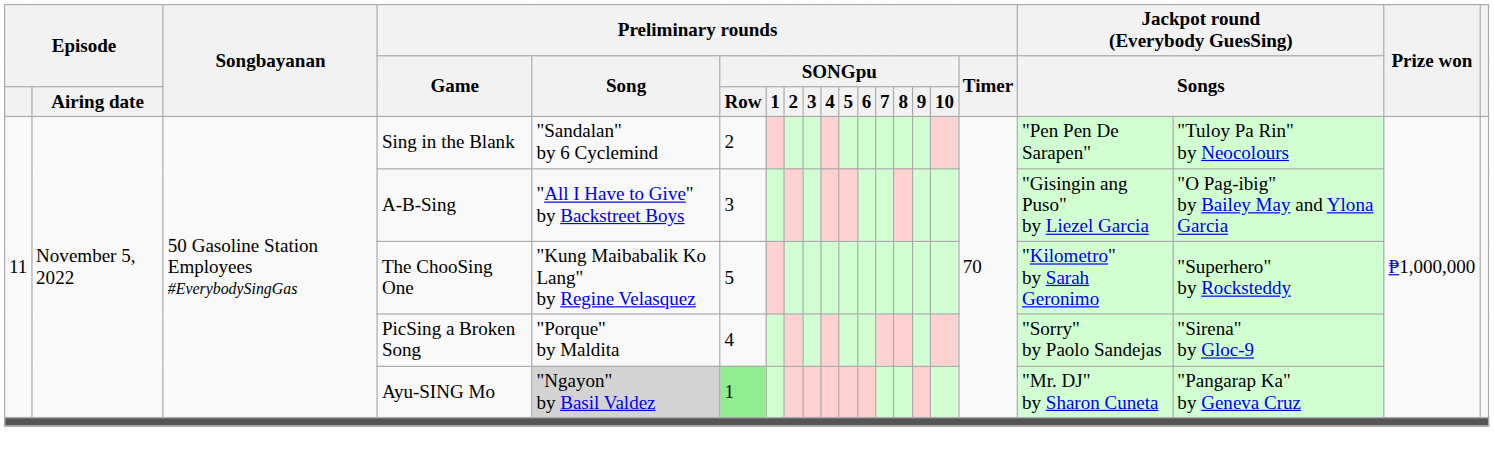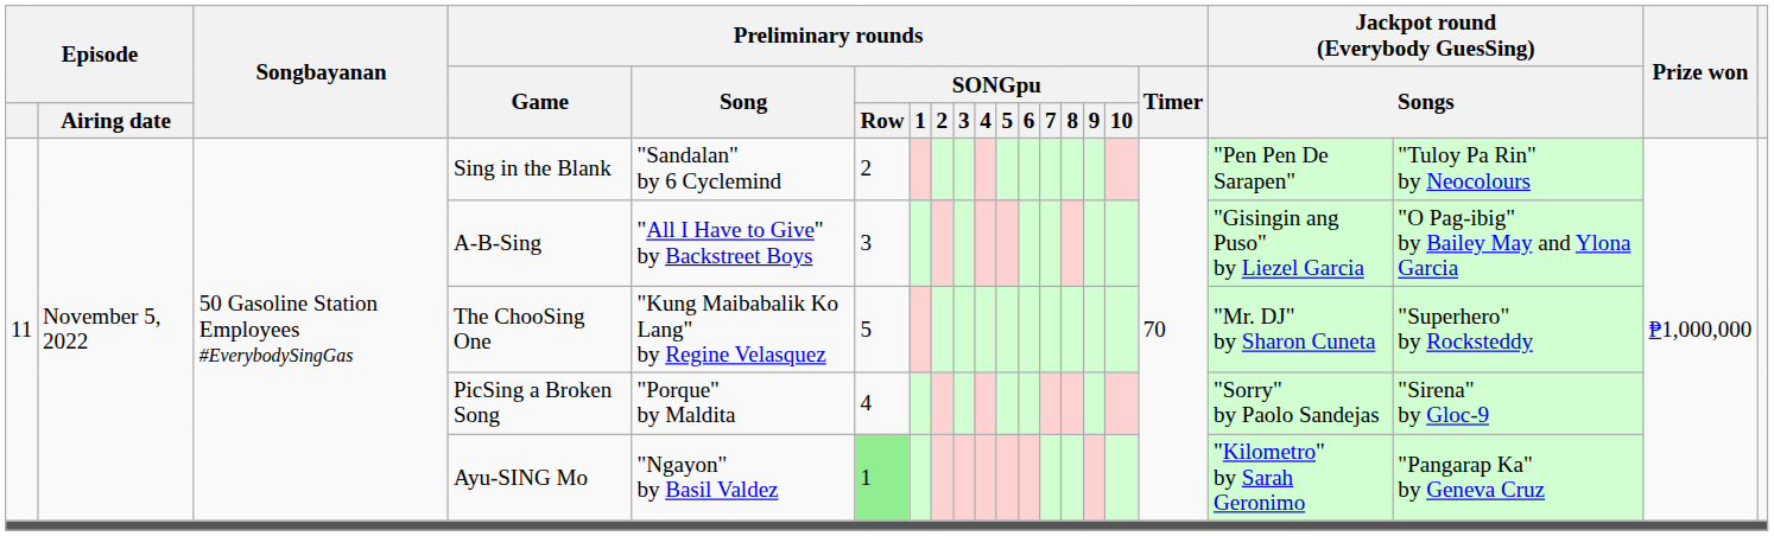 <table class="wikitable plainrowheaders mw-collapsible ">
 <tr>
 <th colspan="2" rowspan="2">Episode</th>
 <th rowspan="3">Songbayanan</th>
 <th colspan="14">Preliminary rounds</th>
 <th colspan="2">Jackpot round<br>(Everybody GuesSing)</th>
 <th rowspan="3">Prize won</th>
 <th rowspan="3"></th>
 </tr>
 <tr>
 <th rowspan="2">Game</th>
 <th rowspan="2">Song</th>
 <th colspan="11">SONGpu</th>
 <th rowspan="2">Timer</th>
 <th colspan="2" rowspan="2">Songs</th>
 </tr>
 <tr>
 <th></th>
 <th>Airing date</th>
 <th>Row</th>
 <th>1</th>
 <th>2</th>
 <th>3</th>
 <th>4</th>
 <th>5</th>
 <th>6</th>
 <th>7</th>
 <th>8</th>
 <th>9</th>
 <th>10</th>
 </tr>
 <tr>
 <td rowspan="5">11</td>
 <td rowspan="5">November 5, 2022</td>
 <td rowspan="5">50 Gasoline Station Employees<br><small><em>#EverybodySingGas</em></small></td>
 <td>Sing in the Blank</td>
 <td>"Sandalan"<br>by 6 Cyclemind</td>
 <td>2</td>
 <td style="background:#FFD2D2"></td>
 <td style="background:#D2FFD2"></td>
 <td style="background:#D2FFD2"></td>
 <td style="background:#FFD2D2"></td>
 <td style="background:#D2FFD2"></td>
 <td style="background:#D2FFD2"></td>
 <td style="background:#D2FFD2"></td>
 <td style="background:#D2FFD2"></td>
 <td style="background:#D2FFD2"></td>
 <td style="background:#FFD2D2"></td>
 <td rowspan="5">70 </td>
 <td style="background:#D2FFD2">"Pen Pen De Sarapen"</td>
 <td style="background:#D2FFD2">"Tuloy Pa Rin"<br>by <a href='#'>Neocolours</a></td>
 <td rowspan="5"><a href='#'>₱</a>1,000,000</td>
 <td rowspan="5"></td>
 </tr>
 <tr>
 <td>A-B-Sing</td>
 <td>"<a href='#'>All I Have to Give</a>"<br>by <a href='#'>Backstreet Boys</a></td>
 <td>3</td>
 <td style="background:#D2FFD2"></td>
 <td style="background:#FFD2D2"></td>
 <td style="background:#D2FFD2"></td>
 <td style="background:#FFD2D2"></td>
 <td style="background:#FFD2D2"></td>
 <td style="background:#D2FFD2"></td>
 <td style="background:#D2FFD2"></td>
 <td style="background:#FFD2D2"></td>
 <td style="background:#D2FFD2"></td>
 <td style="background:#D2FFD2"></td>
 <td style="background:#D2FFD2">"Gisingin ang Puso"<br>by <a href='#'>Liezel Garcia</a></td>
 <td style="background:#D2FFD2">"O Pag-ibig"<br>by <a href='#'>Bailey May</a> and <a href='#'>Ylona Garcia</a></td>
 </tr>
 <tr>
 <td>The ChooSing One</td>
 <td>"Kung Maibabalik Ko Lang"<br>by <a href='#'>Regine Velasquez</a></td>
 <td>5</td>
 <td style="background:#FFD2D2"></td>
 <td style="background:#D2FFD2"></td>
 <td style="background:#D2FFD2"></td>
 <td style="background:#D2FFD2"></td>
 <td style="background:#D2FFD2"></td>
 <td style="background:#D2FFD2"></td>
 <td style="background:#D2FFD2"></td>
 <td style="background:#D2FFD2"></td>
 <td style="background:#D2FFD2"></td>
 <td style="background:#D2FFD2"></td>
-<td style="background:#D2FFD2">"<a href='#'>Kilometro</a>"<br>by <a href='#'>Sarah Geronimo</a></td>
+<td style="background:#D2FFD2">"Mr. DJ"<br>by <a href='#'>Sharon Cuneta</a></td>
 <td style="background:#D2FFD2">"Superhero"<br>by <a href='#'>Rocksteddy</a></td>
 </tr>
 <tr>
 <td>PicSing a Broken Song</td>
 <td>"Porque"<br>by Maldita</td>
 <td>4</td>
 <td style="background:#D2FFD2"></td>
 <td style="background:#FFD2D2"></td>
 <td style="background:#D2FFD2"></td>
 <td style="background:#FFD2D2"></td>
 <td style="background:#D2FFD2"></td>
 <td style="background:#D2FFD2"></td>
 <td style="background:#FFD2D2"></td>
 <td style="background:#FFD2D2"></td>
 <td style="background:#D2FFD2"></td>
 <td style="background:#FFD2D2"></td>
 <td style="background:#D2FFD2">"Sorry"<br>by Paolo Sandejas</td>
 <td style="background:#D2FFD2">"Sirena"<br>by <a href='#'>Gloc-9</a></td>
 </tr>
 <tr>
 <td>Ayu-SING Mo</td>
-<td style="background: lightgrey;">"Ngayon"<br>by <a href='#'>Basil Valdez</a></td>
+<td>"Ngayon"<br>by <a href='#'>Basil Valdez</a></td>
 <td style="background: lightgreen;">1</td>
 <td style="background:#D2FFD2"></td>
 <td style="background:#FFD2D2"></td>
 <td style="background:#FFD2D2"></td>
 <td style="background:#FFD2D2"></td>
 <td style="background:#FFD2D2"></td>
 <td style="background:#FFD2D2"></td>
 <td style="background:#D2FFD2"></td>
 <td style="background:#D2FFD2"></td>
 <td style="background:#FFD2D2"></td>
 <td style="background:#D2FFD2"></td>
-<td style="background:#D2FFD2">"Mr. DJ"<br>by <a href='#'>Sharon Cuneta</a></td>
+<td style="background:#D2FFD2">"<a href='#'>Kilometro</a>"<br>by <a href='#'>Sarah Geronimo</a></td>
 <td style="background:#D2FFD2">"Pangarap Ka"<br>by <a href='#'>Geneva Cruz</a></td>
 </tr>
 <tr>
 <th colspan="21" style="background:#555;"></th>
 </tr>
 <tr>
 </tr>
 </table>
